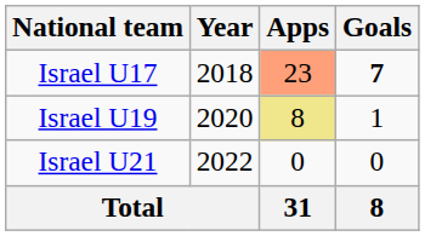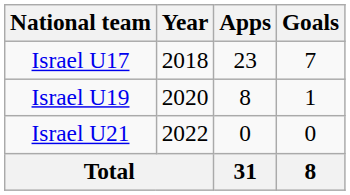 <table class="wikitable" style="text-align:center">
 <tr>
 <th>National team</th>
 <th>Year</th>
 <th>Apps</th>
 <th>Goals</th>
 </tr>
 <tr>
 <td rowspan="1"><a href='#'>Israel U17</a></td>
 <td>2018</td>
-<td style="background: lightsalmon;">23</td>
-<td><strong>7</strong></td>
+<td>23</td>
+<td>7</td>
 </tr>
 <tr>
 <td rowspan="1"><a href='#'>Israel U19</a></td>
 <td>2020</td>
-<td style="background: khaki;">8</td>
+<td>8</td>
 <td>1</td>
 </tr>
 <tr>
 <td rowspan="1"><a href='#'>Israel U21</a></td>
 <td>2022</td>
 <td>0</td>
 <td>0</td>
 </tr>
 <tr>
 <th colspan="2">Total</th>
 <th>31</th>
 <th>8</th>
 </tr>
 </table>
